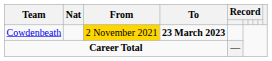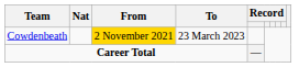 <table class="wikitable" style="text-align: center">
 <tr>
 <th rowspan="2">Team</th>
 <th rowspan="2">Nat</th>
 <th rowspan="2">From</th>
 <th rowspan="2">To</th>
 <th colspan="5">Record</th>
 <th rowspan=2></th>
 </tr>
 <tr>
 <th></th>
 <th></th>
 <th></th>
 <th></th>
 <th></th>
 </tr>
 <tr>
 <td align="left"><a href='#'>Cowdenbeath</a></td>
 <td align="center"></td>
 <td align="center" style="background: gold;">2 November 2021</td>
-<td align="center"><strong>23 March 2023<br></strong></td>
+<td align="center">23 March 2023<br></td>
 <td></td>
 </tr>
 <tr>
 <td colspan=4><strong>Career Total</strong><br></td>
 <th>—</th>
 </tr>
 </table>
